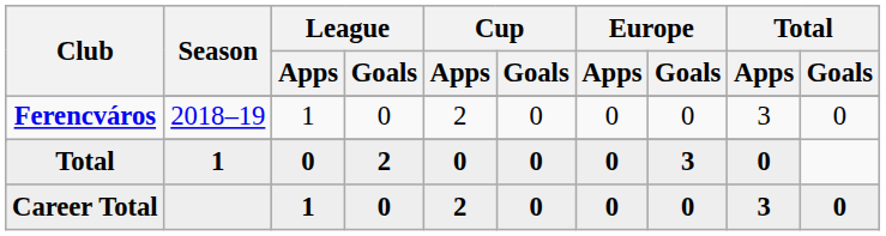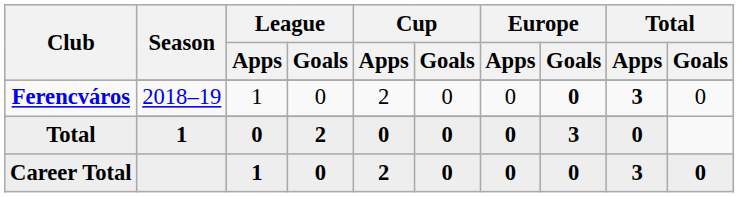 <table class="wikitable" style="font-size:90%; text-align: center;">
 <tr>
 <th rowspan="2">Club</th>
 <th rowspan="2">Season</th>
 <th colspan="2">League</th>
 <th colspan="2">Cup</th>
 <th colspan="2">Europe</th>
 <th colspan="2">Total</th>
 </tr>
 <tr>
 <th>Apps</th>
 <th>Goals</th>
 <th>Apps</th>
 <th>Goals</th>
 <th>Apps</th>
 <th>Goals</th>
 <th>Apps</th>
 <th>Goals</th>
 </tr>
 <tr ||-||-||-|->
 <td rowspan="3" valign="center"><strong><a href='#'>Ferencváros</a></strong></td>
 </tr>
 <tr>
 <td><a href='#'>2018–19</a></td>
 <td>1</td>
 <td>0</td>
 <td>2</td>
 <td>0</td>
 <td>0</td>
-<td>0</td>
-<td>3</td>
+<td><strong>0</strong></td>
+<td><strong>3</strong></td>
 <td>0</td>
 </tr>
 <tr>
 </tr>
 <tr style="font-weight:bold; background-color:#eeeeee;">
 <td>Total</td>
 <td>1</td>
 <td>0</td>
 <td>2</td>
 <td>0</td>
 <td>0</td>
 <td>0</td>
 <td>3</td>
 <td>0</td>
 </tr>
 <tr style="font-weight:bold; background-color:#eeeeee;">
 <td rowspan="1" valign="top"><strong>Career Total</strong></td>
 <td></td>
 <td><strong>1</strong></td>
 <td><strong>0</strong></td>
 <td><strong>2</strong></td>
 <td><strong>0</strong></td>
 <td><strong>0</strong></td>
 <td><strong>0</strong></td>
 <td><strong>3</strong></td>
 <td><strong>0</strong></td>
 </tr>
 </table>
